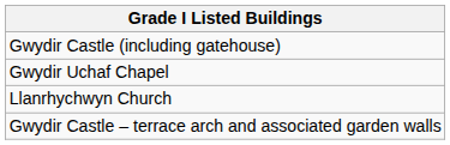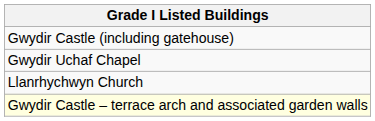 <table class="wikitable">
 <tr>
 <th><strong>Grade I Listed Buildings</strong></th>
 </tr>
 <tr>
 <td>Gwydir Castle (including gatehouse)</td>
 </tr>
 <tr>
 <td>Gwydir Uchaf Chapel</td>
 </tr>
 <tr>
 <td>Llanrhychwyn Church</td>
 </tr>
 <tr>
-<td>Gwydir Castle – terrace arch and associated garden walls</td>
+<td style="background: lightyellow;">Gwydir Castle – terrace arch and associated garden walls</td>
 </tr>
 </table>
